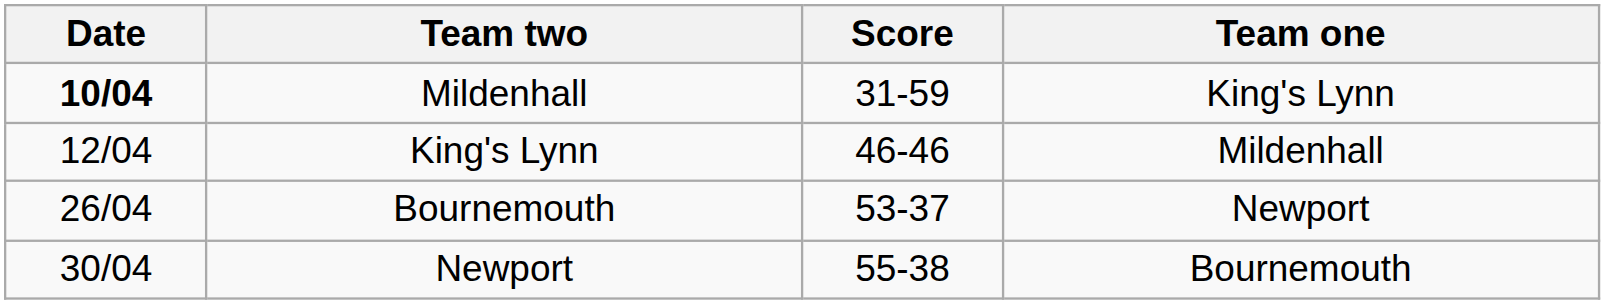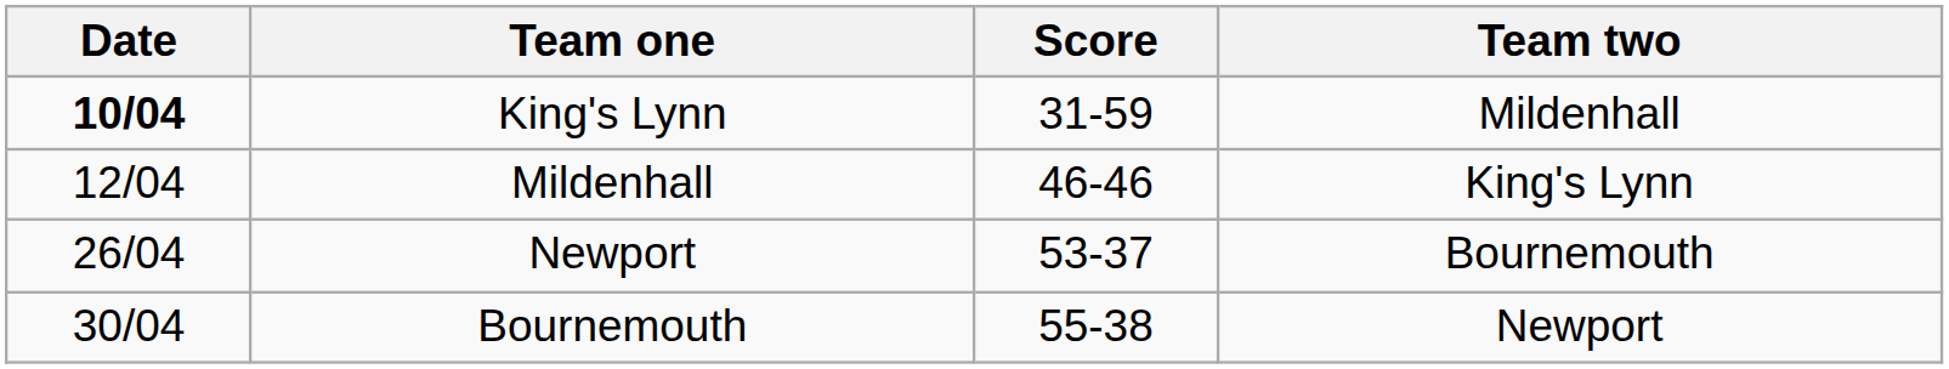 <table class="wikitable" style="text-align: center">
 <tr>
 <th width=80>Date</th>
+<th width=250>Team one</th>
+<th width=80>Score</th>
 <th width=250>Team two</th>
-<th width=80>Score</th>
-<th width=250>Team one</th>
 </tr>
 <tr>
 <td><strong>10/04</strong></td>
+<td>King's Lynn</td>
+<td>31-59</td>
 <td>Mildenhall</td>
-<td>31-59</td>
+</tr>
+<tr>
+<td>12/04</td>
+<td>Mildenhall</td>
+<td>46-46</td>
 <td>King's Lynn</td>
 </tr>
 <tr>
-<td>12/04</td>
-<td>King's Lynn</td>
-<td>46-46</td>
-<td>Mildenhall</td>
-</tr>
-<tr>
 <td>26/04</td>
+<td>Newport</td>
+<td>53-37</td>
 <td>Bournemouth</td>
-<td>53-37</td>
-<td>Newport</td>
 </tr>
 <tr>
 <td>30/04</td>
+<td>Bournemouth</td>
+<td>55-38</td>
 <td>Newport</td>
-<td>55-38</td>
-<td>Bournemouth</td>
 </tr>
 </table>
